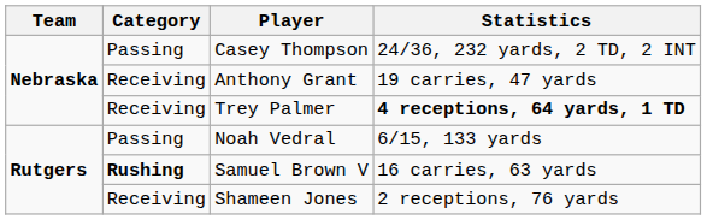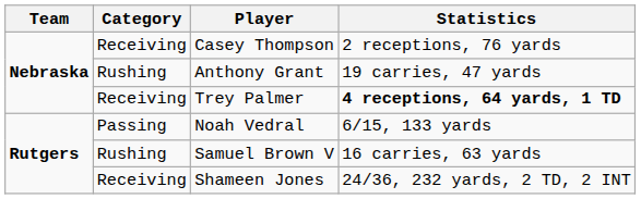 <table class="wikitable" style="float: right;">
 <tr>
 <th>Team</th>
 <th>Category</th>
 <th>Player</th>
 <th>Statistics</th>
 </tr>
 <tr>
 <td rowspan=3><strong>Nebraska</strong></td>
-<td>Passing</td>
+<td>Receiving</td>
 <td>Casey Thompson</td>
-<td>24/36, 232 yards, 2 TD, 2 INT</td>
+<td>2 receptions, 76 yards</td>
 </tr>
 <tr>
-<td>Receiving</td>
+<td>Rushing</td>
 <td>Anthony Grant</td>
 <td>19 carries, 47 yards</td>
 </tr>
 <tr>
 <td>Receiving</td>
 <td>Trey Palmer</td>
 <td><strong>4 receptions, 64 yards, 1 TD</strong></td>
 </tr>
 <tr>
 <td rowspan=3><strong>Rutgers</strong></td>
 <td>Passing</td>
 <td>Noah Vedral</td>
 <td>6/15, 133 yards</td>
 </tr>
 <tr>
-<td><strong>Rushing</strong></td>
+<td>Rushing</td>
 <td>Samuel Brown V</td>
 <td>16 carries, 63 yards</td>
 </tr>
 <tr>
 <td>Receiving</td>
 <td>Shameen Jones</td>
-<td>2 receptions, 76 yards</td>
+<td>24/36, 232 yards, 2 TD, 2 INT</td>
 </tr>
 </table>
